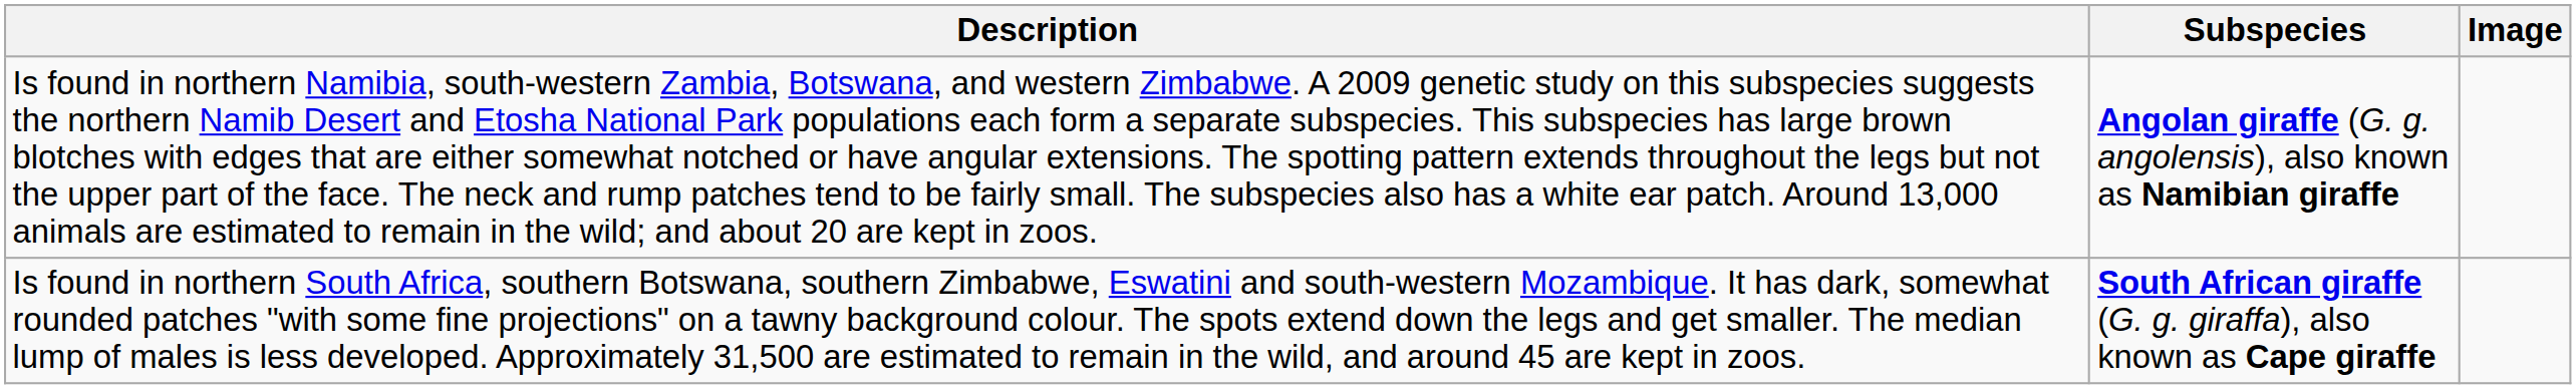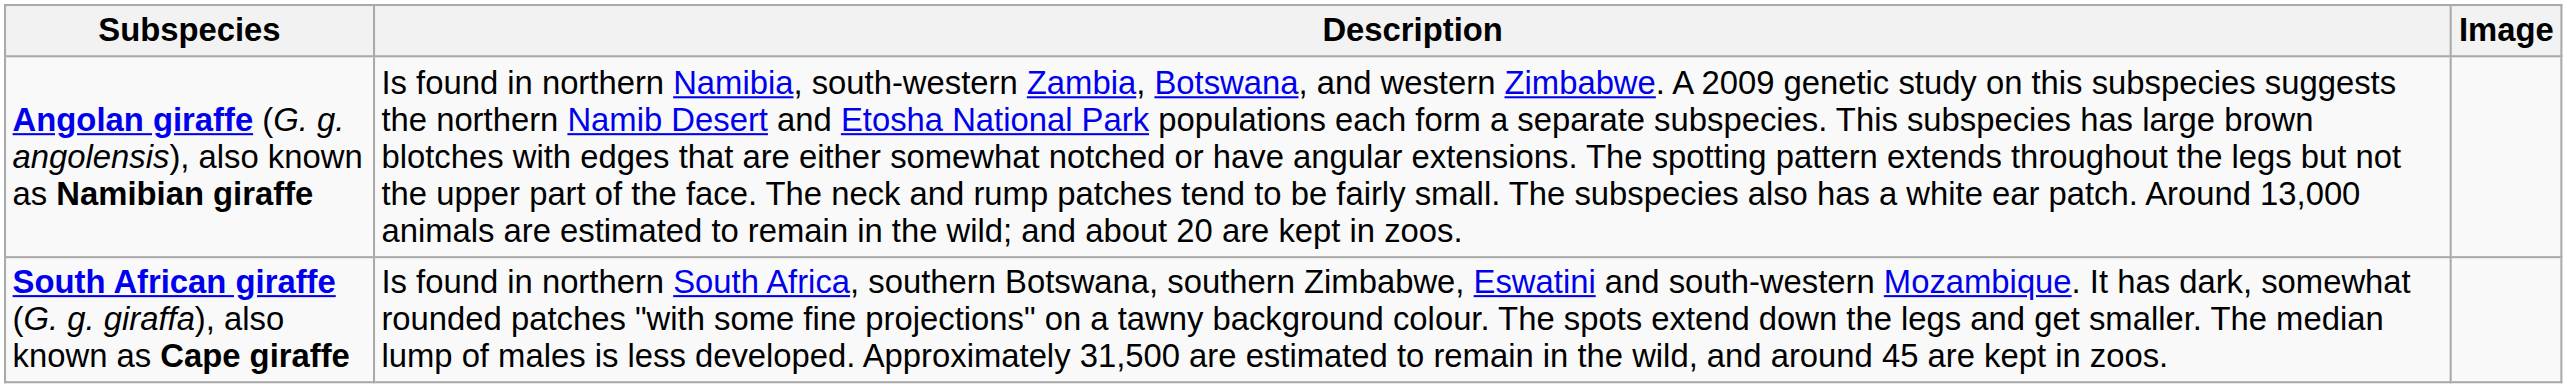 <table class="wikitable">
 <tr>
+<th>Subspecies</th>
 <th>Description</th>
-<th>Subspecies</th>
 <th>Image</th>
 </tr>
 <tr>
+<td><strong><a href='#'>Angolan giraffe</a></strong> (<em>G. g. angolensis</em>), also known as <strong>Namibian giraffe</strong></td>
 <td>Is found in northern <a href='#'>Namibia</a>, south-western <a href='#'>Zambia</a>, <a href='#'>Botswana</a>, and western <a href='#'>Zimbabwe</a>. A 2009 genetic study on this subspecies suggests the northern <a href='#'>Namib Desert</a> and <a href='#'>Etosha National Park</a> populations each form a separate subspecies. This subspecies has large brown blotches with edges that are either somewhat notched or have angular extensions. The spotting pattern extends throughout the legs but not the upper part of the face. The neck and rump patches tend to be fairly small. The subspecies also has a white ear patch. Around 13,000 animals are estimated to remain in the wild; and about 20 are kept in zoos.</td>
-<td><strong><a href='#'>Angolan giraffe</a></strong> (<em>G. g. angolensis</em>), also known as <strong>Namibian giraffe</strong></td>
 <td></td>
 </tr>
 <tr>
+<td><strong><a href='#'>South African giraffe</a></strong> (<em>G. g. giraffa</em>), also known as <strong>Cape giraffe</strong></td>
 <td>Is found in northern <a href='#'>South Africa</a>, southern Botswana, southern Zimbabwe, <a href='#'>Eswatini</a> and south-western <a href='#'>Mozambique</a>. It has dark, somewhat rounded patches "with some fine projections" on a tawny background colour. The spots extend down the legs and get smaller. The median lump of males is less developed. Approximately 31,500 are estimated to remain in the wild, and around 45 are kept in zoos.</td>
-<td><strong><a href='#'>South African giraffe</a></strong> (<em>G. g. giraffa</em>), also known as <strong>Cape giraffe</strong></td>
 <td></td>
 </tr>
 </table>
